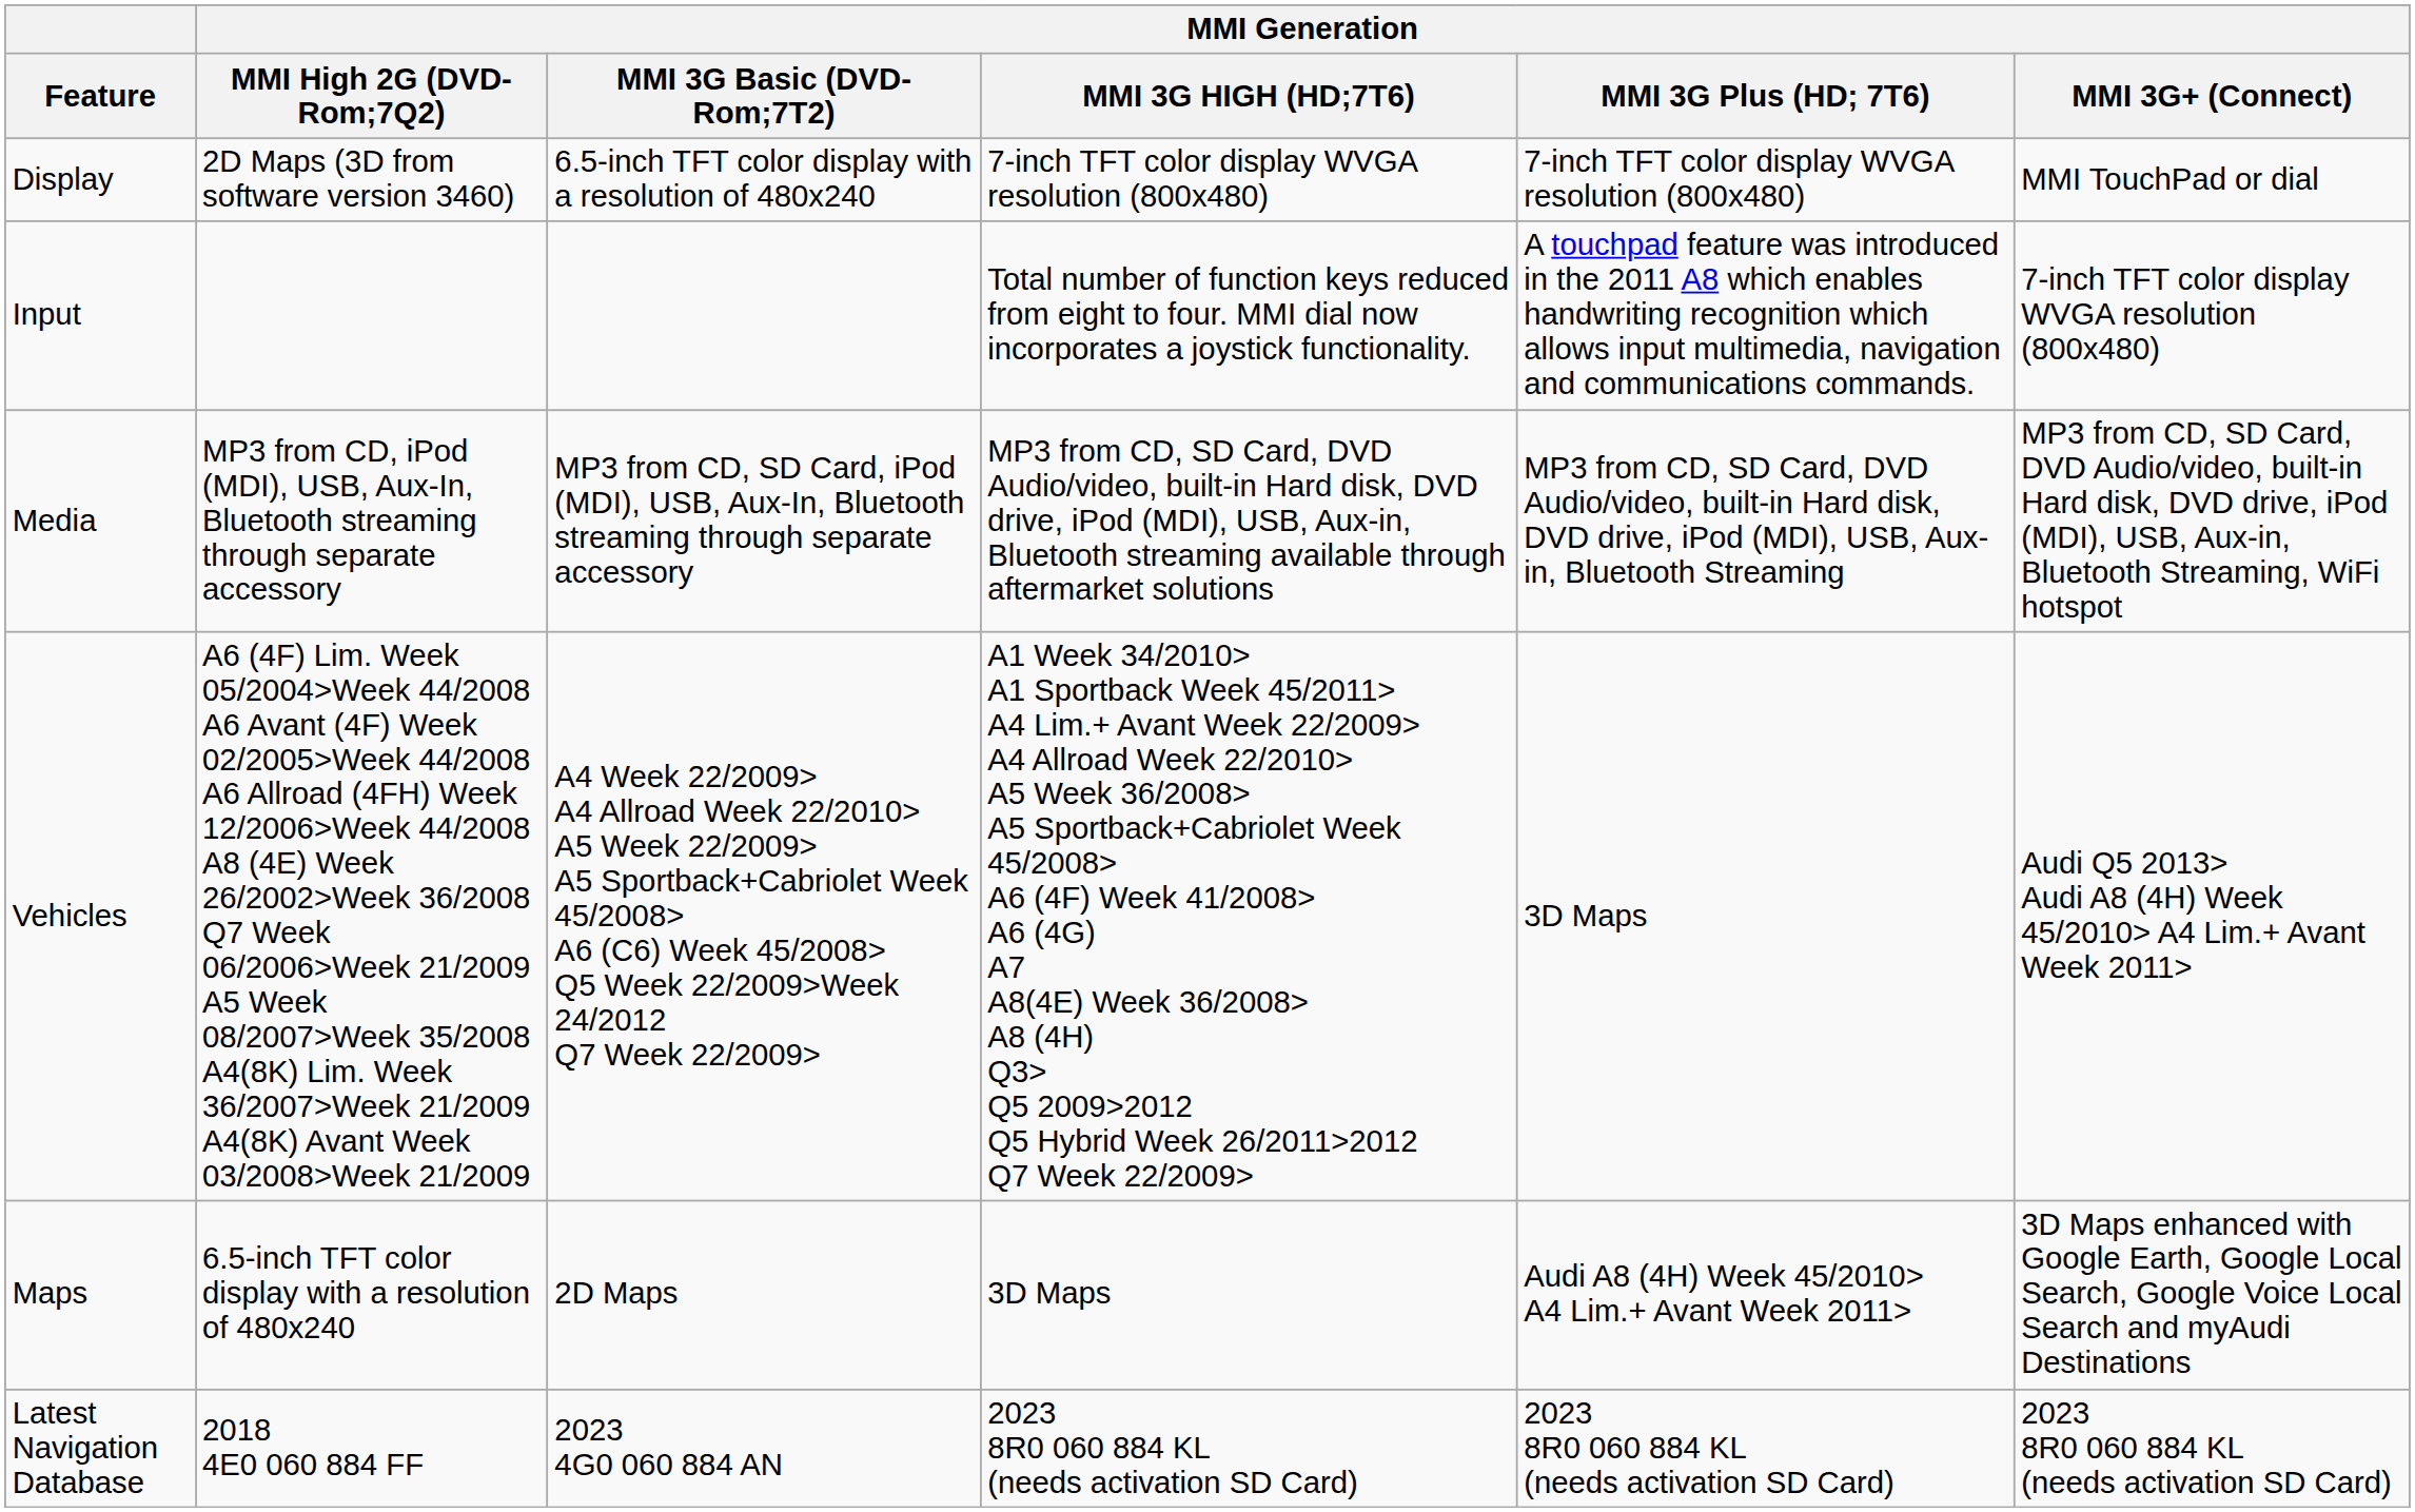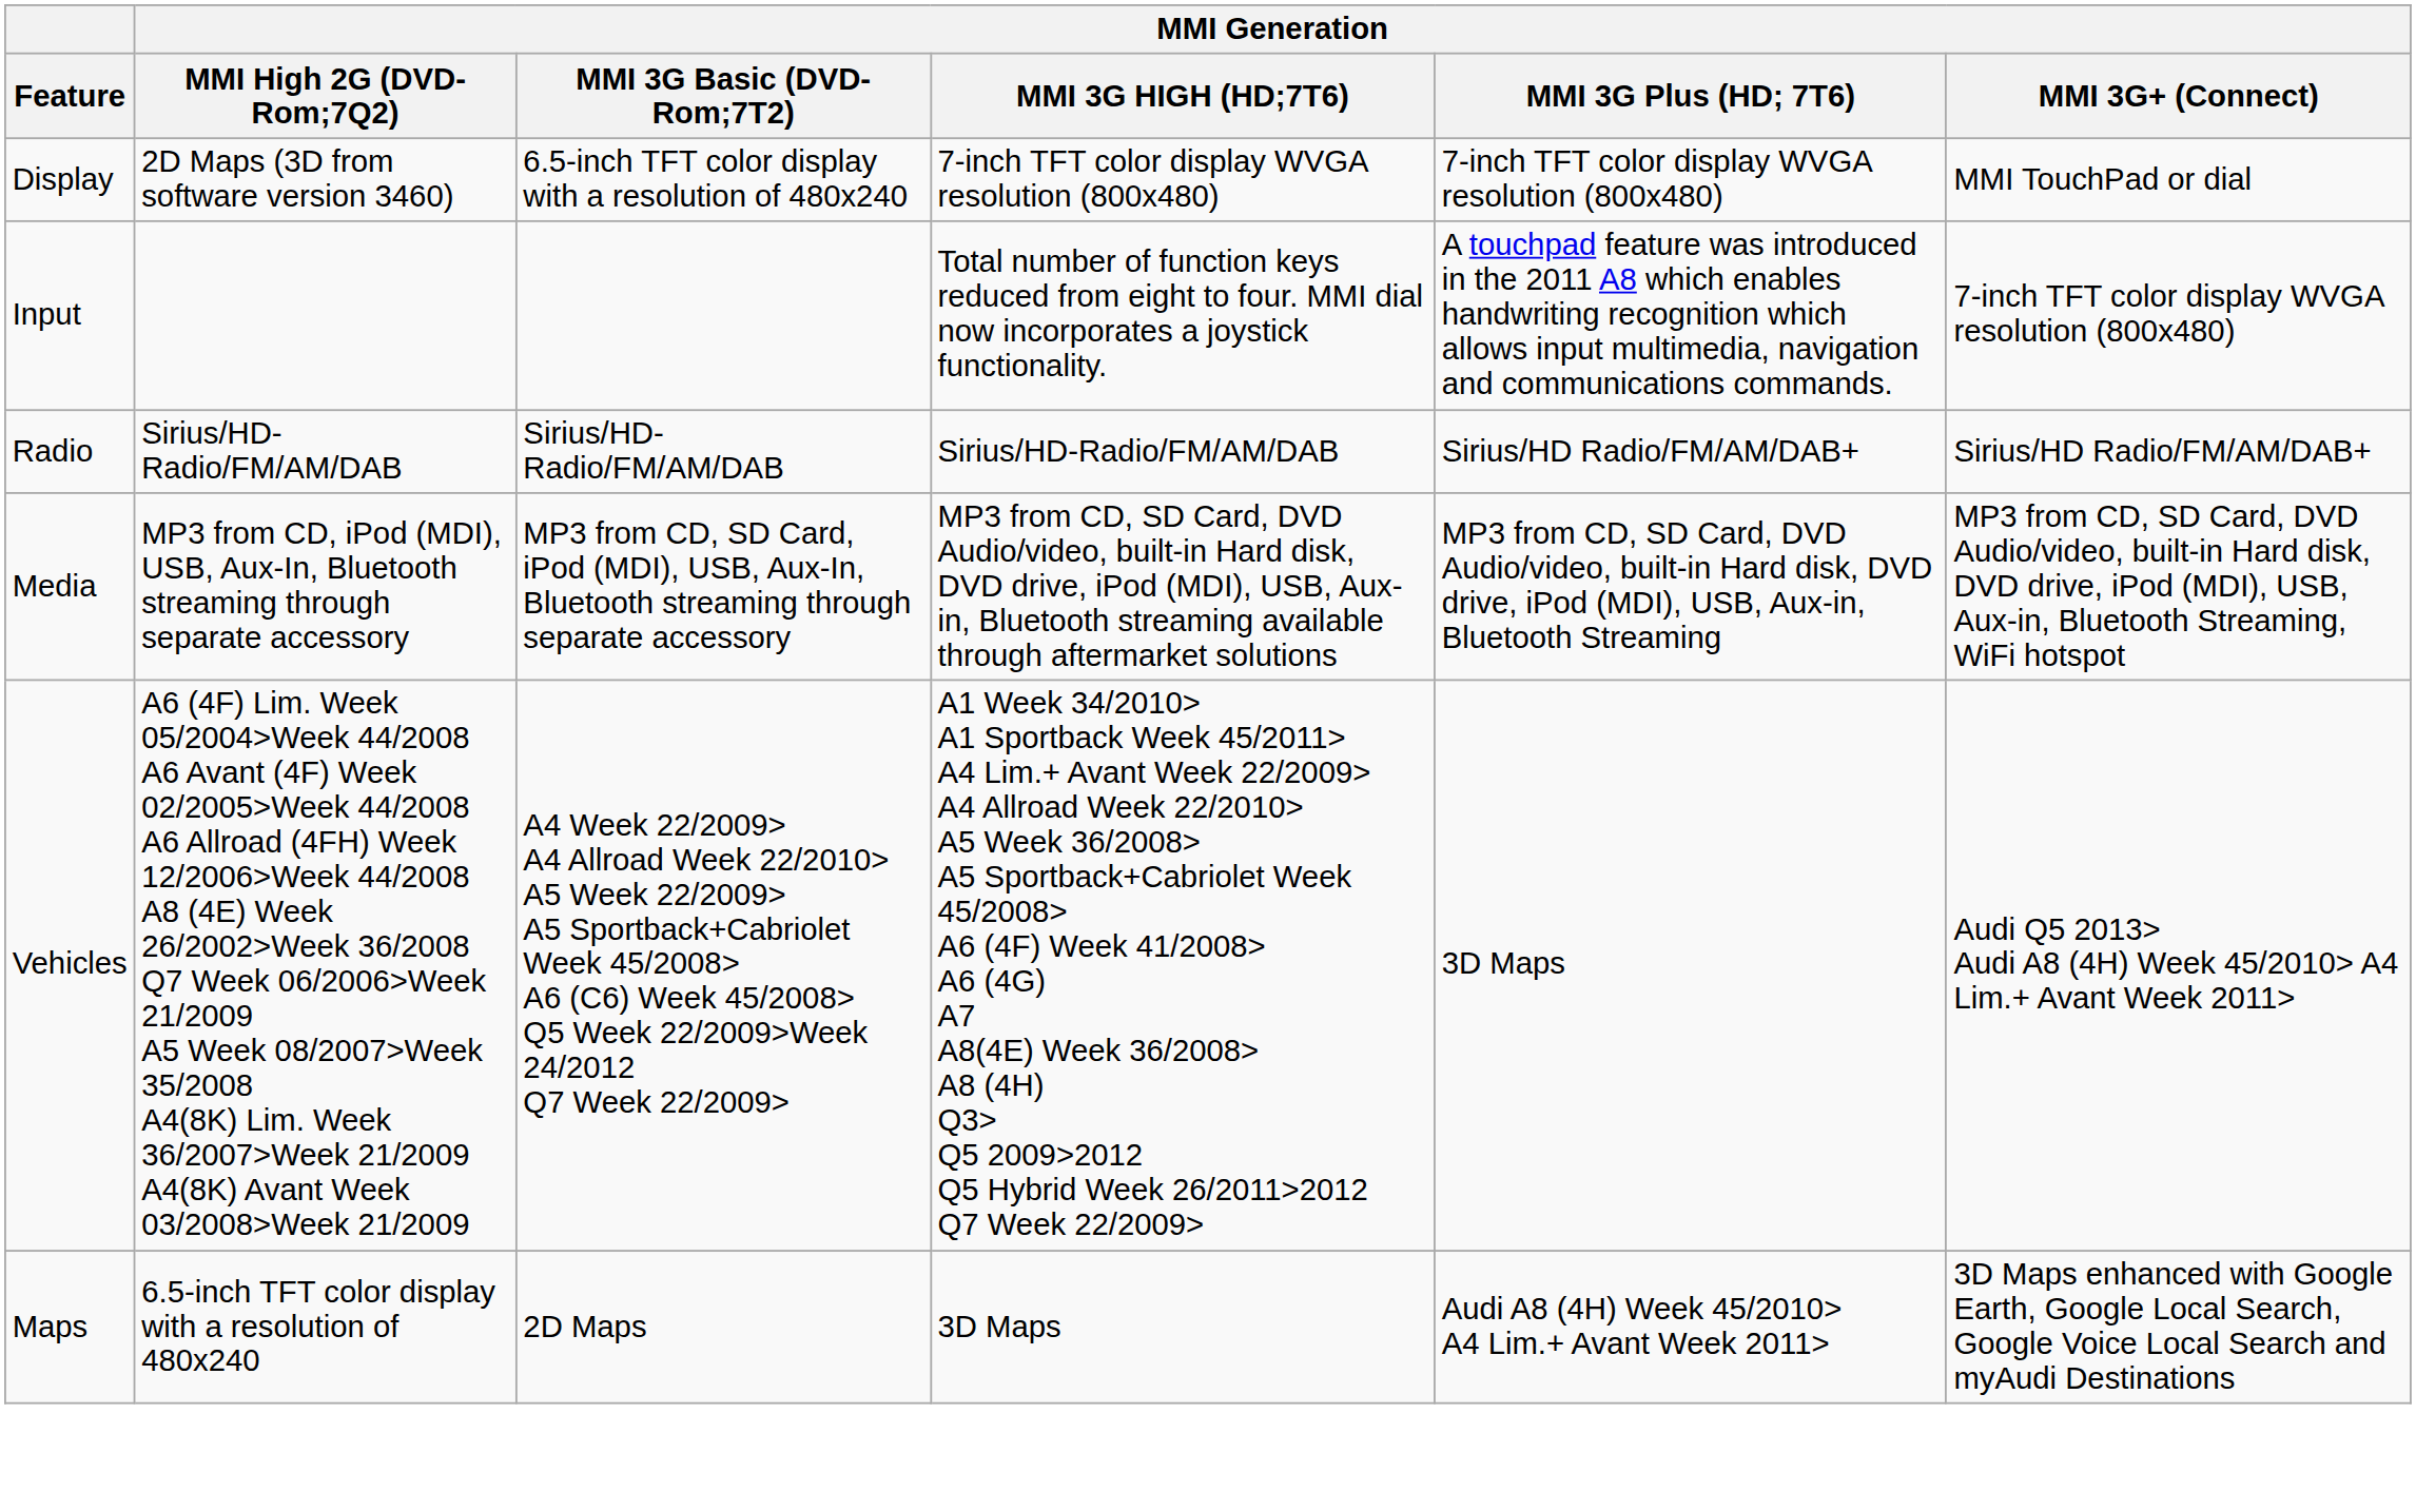 <table class="wikitable sticky-header">
 <tr>
 <th></th>
 <th colspan=5>MMI Generation</th>
 </tr>
 <tr>
 <th>Feature</th>
 <th>MMI High 2G (DVD-Rom;7Q2)</th>
 <th>MMI 3G Basic (DVD-Rom;7T2)</th>
 <th>MMI 3G HIGH (HD;7T6)</th>
 <th>MMI 3G Plus (HD; 7T6)</th>
 <th>MMI 3G+ (Connect)</th>
 </tr>
 <tr>
 <td>Display</td>
 <td>2D Maps (3D from software version 3460)</td>
 <td>6.5-inch TFT color display with a resolution of 480x240</td>
 <td>7-inch TFT color display WVGA resolution (800x480)</td>
 <td>7-inch TFT color display WVGA resolution (800x480)</td>
 <td>MMI TouchPad or dial</td>
 </tr>
 <tr>
 <td>Input</td>
 <td></td>
 <td></td>
 <td>Total number of function keys reduced from eight to four.  MMI dial now incorporates a joystick functionality.</td>
 <td>A <a href='#'>touchpad</a> feature was introduced in the 2011 <a href='#'>A8</a> which enables handwriting recognition which allows input multimedia, navigation and communications commands.</td>
 <td>7-inch TFT color display WVGA resolution (800x480)</td>
 </tr>
 <tr>
+<td>Radio</td>
+<td>Sirius/HD-Radio/FM/AM/DAB</td>
+<td>Sirius/HD-Radio/FM/AM/DAB</td>
+<td>Sirius/HD-Radio/FM/AM/DAB</td>
+<td>Sirius/HD Radio/FM/AM/DAB+</td>
+<td>Sirius/HD Radio/FM/AM/DAB+</td>
+</tr>
+<tr>
 <td>Media</td>
 <td>MP3 from CD, iPod (MDI), USB, Aux-In, Bluetooth streaming through separate accessory </td>
 <td>MP3 from CD, SD Card, iPod (MDI), USB, Aux-In, Bluetooth streaming through separate accessory </td>
 <td>MP3 from CD, SD Card, DVD Audio/video, built-in Hard disk, DVD drive, iPod (MDI), USB, Aux-in, Bluetooth streaming available through aftermarket solutions </td>
 <td>MP3 from CD, SD Card, DVD Audio/video, built-in Hard disk, DVD drive, iPod (MDI), USB, Aux-in, Bluetooth Streaming</td>
 <td>MP3 from CD, SD Card, DVD Audio/video, built-in Hard disk, DVD drive, iPod (MDI), USB, Aux-in, Bluetooth Streaming, WiFi hotspot</td>
 </tr>
 <tr>
 <td>Vehicles</td>
 <td>A6 (4F) Lim. Week 05/2004>Week 44/2008<br>A6 Avant (4F) Week 02/2005>Week 44/2008<br>A6 Allroad (4FH) Week 12/2006>Week 44/2008 <br> A8 (4E) Week 26/2002>Week 36/2008 <br> Q7 Week 06/2006>Week 21/2009<br>A5 Week 08/2007>Week 35/2008<br>A4(8K) Lim. Week 36/2007>Week 21/2009<br>A4(8K) Avant Week 03/2008>Week 21/2009</td>
 <td>A4 Week 22/2009><br> A4 Allroad Week 22/2010><br> A5 Week 22/2009><br>A5 Sportback+Cabriolet Week 45/2008><br> A6 (C6) Week 45/2008><br>Q5 Week 22/2009>Week 24/2012<br>Q7 Week 22/2009></td>
 <td>A1 Week 34/2010><br> A1 Sportback Week 45/2011><br> A4 Lim.+ Avant Week 22/2009><br>A4 Allroad Week 22/2010><br>A5 Week 36/2008><br>A5 Sportback+Cabriolet Week 45/2008><br>A6 (4F) Week 41/2008><br>A6 (4G)<br> A7<br> A8(4E) Week 36/2008><br>A8 (4H)<br> Q3><br> Q5 2009>2012<br>Q5 Hybrid Week 26/2011>2012<br>Q7 Week 22/2009></td>
 <td>3D Maps</td>
 <td>Audi Q5 2013><br>Audi A8 (4H) Week 45/2010> A4 Lim.+ Avant Week 2011></td>
 </tr>
 <tr>
 <td>Maps</td>
 <td>6.5-inch TFT color display with a resolution of 480x240</td>
 <td>2D Maps</td>
 <td>3D Maps</td>
 <td>Audi A8 (4H) Week 45/2010><br>A4 Lim.+ Avant Week 2011></td>
 <td>3D Maps enhanced with Google Earth, Google Local Search, Google Voice Local Search and myAudi Destinations</td>
 </tr>
-<tr>
-<td>Latest Navigation Database</td>
-<td>2018<br>4E0 060 884 FF</td>
-<td>2023<br>4G0 060 884 AN</td>
-<td>2023<br>8R0 060 884 KL<br>(needs activation SD Card)</td>
-<td>2023<br>8R0 060 884 KL<br>(needs activation SD Card)</td>
-<td>2023<br>8R0 060 884 KL<br>(needs activation SD Card)</td>
-</tr>
 </table>
